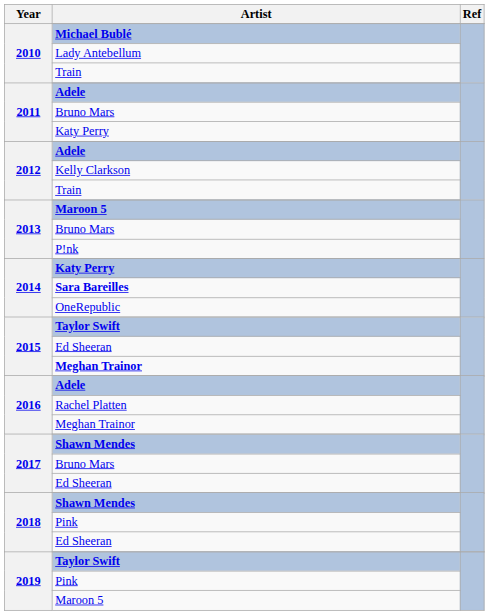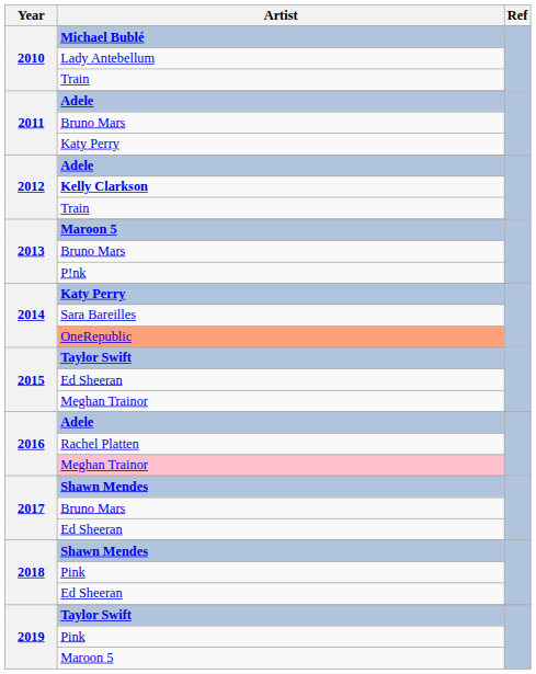 <table class="wikitable" width="100%">
 <tr>
 <th width="10%">Year</th>
 <th width="85%">Artist</th>
 <th width="5%">Ref</th>
 </tr>
 <tr>
 <th rowspan="4" align="center"><a href='#'>2010<br></a></th>
 </tr>
 <tr style="background:#B0C4DE">
 <td><strong><a href='#'>Michael Bublé</a></strong></td>
 <td rowspan="4" align="center"></td>
 </tr>
 <tr>
 <td><a href='#'>Lady Antebellum</a></td>
 </tr>
 <tr>
 <td><a href='#'>Train</a></td>
 </tr>
 <tr>
 <th rowspan="4" align="center"><a href='#'>2011<br></a></th>
 </tr>
 <tr style="background:#B0C4DE">
 <td><strong><a href='#'>Adele</a></strong></td>
 <td rowspan="4" align="center"></td>
 </tr>
 <tr>
 <td><a href='#'>Bruno Mars</a></td>
 </tr>
 <tr>
 <td><a href='#'>Katy Perry</a></td>
 </tr>
 <tr>
 <th rowspan="4" align="center"><a href='#'>2012<br></a></th>
 </tr>
 <tr style="background:#B0C4DE">
 <td><strong><a href='#'>Adele</a></strong></td>
 <td rowspan="4" align="center"></td>
 </tr>
 <tr>
-<td><a href='#'>Kelly Clarkson</a></td>
+<td><strong><a href='#'>Kelly Clarkson</a></strong></td>
 </tr>
 <tr>
 <td><a href='#'>Train</a></td>
 </tr>
 <tr>
 <th rowspan="4" align="center"><a href='#'>2013<br></a></th>
 </tr>
 <tr style="background:#B0C4DE">
 <td><strong><a href='#'>Maroon 5</a></strong></td>
 <td rowspan="4" align="center"></td>
 </tr>
 <tr>
 <td><a href='#'>Bruno Mars</a></td>
 </tr>
 <tr>
 <td><a href='#'>P!nk</a></td>
 </tr>
 <tr>
 <th rowspan="4" align="center"><a href='#'>2014<br></a></th>
 </tr>
 <tr style="background:#B0C4DE">
 <td><strong><a href='#'>Katy Perry</a></strong></td>
 <td rowspan="4" align="center"></td>
 </tr>
 <tr>
-<td><strong><a href='#'>Sara Bareilles</a></strong></td>
+<td><a href='#'>Sara Bareilles</a></td>
 </tr>
 <tr>
-<td><a href='#'>OneRepublic</a></td>
+<td style="background: lightsalmon;"><a href='#'>OneRepublic</a></td>
 </tr>
 <tr>
 <th rowspan="4" align="center"><a href='#'>2015<br></a></th>
 </tr>
 <tr style="background:#B0C4DE">
 <td><strong><a href='#'>Taylor Swift</a></strong></td>
 <td rowspan="4" align="center"></td>
 </tr>
 <tr>
 <td><a href='#'>Ed Sheeran</a></td>
 </tr>
 <tr>
-<td><strong><a href='#'>Meghan Trainor</a></strong></td>
+<td><a href='#'>Meghan Trainor</a></td>
 </tr>
 <tr>
 <th rowspan="4" align="center"><a href='#'>2016<br></a></th>
 </tr>
 <tr style="background:#B0C4DE">
 <td><strong><a href='#'>Adele</a></strong></td>
 <td rowspan="4" align="center"></td>
 </tr>
 <tr>
 <td><a href='#'>Rachel Platten</a></td>
 </tr>
 <tr>
-<td><a href='#'>Meghan Trainor</a></td>
+<td style="background: pink;"><a href='#'>Meghan Trainor</a></td>
 </tr>
 <tr>
 <th rowspan="4" align="center"><a href='#'>2017<br></a></th>
 </tr>
 <tr style="background:#B0C4DE">
 <td><strong><a href='#'>Shawn Mendes</a></strong></td>
 <td rowspan="4" align="center"></td>
 </tr>
 <tr>
 <td><a href='#'>Bruno Mars</a></td>
 </tr>
 <tr>
 <td><a href='#'>Ed Sheeran</a></td>
 </tr>
 <tr>
 <th rowspan="4" align="center"><a href='#'>2018<br></a></th>
 </tr>
 <tr style="background:#B0C4DE">
 <td><strong><a href='#'>Shawn Mendes</a></strong></td>
 <td rowspan="3" align="center"></td>
 </tr>
 <tr>
 <td><a href='#'>Pink</a></td>
 </tr>
 <tr>
 <td><a href='#'>Ed Sheeran</a></td>
 </tr>
 <tr>
 <th rowspan="4" align="center"><a href='#'>2019<br></a></th>
 </tr>
 <tr style="background:#B0C4DE">
 <td><strong><a href='#'>Taylor Swift</a></strong></td>
 <td rowspan="3" align="center"></td>
 </tr>
 <tr>
 <td><a href='#'>Pink</a></td>
 </tr>
 <tr>
 <td><a href='#'>Maroon 5</a></td>
 </tr>
 </table>
